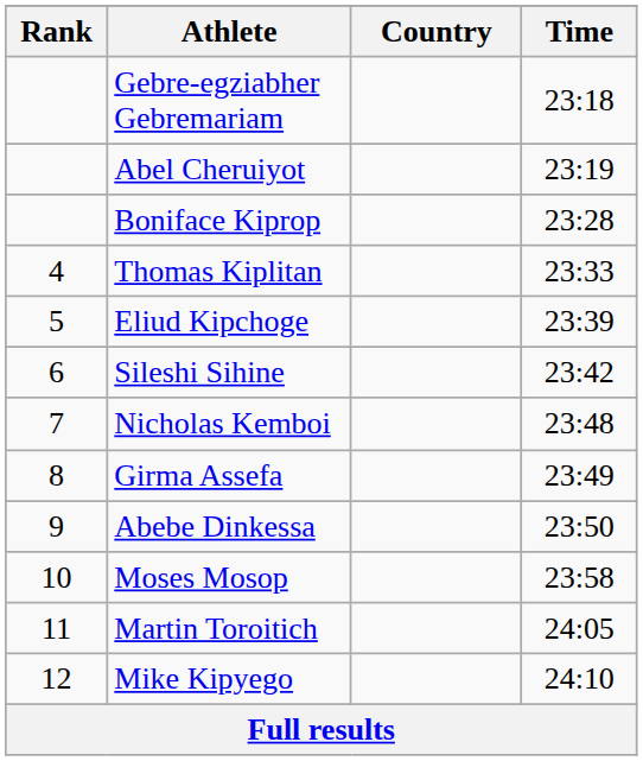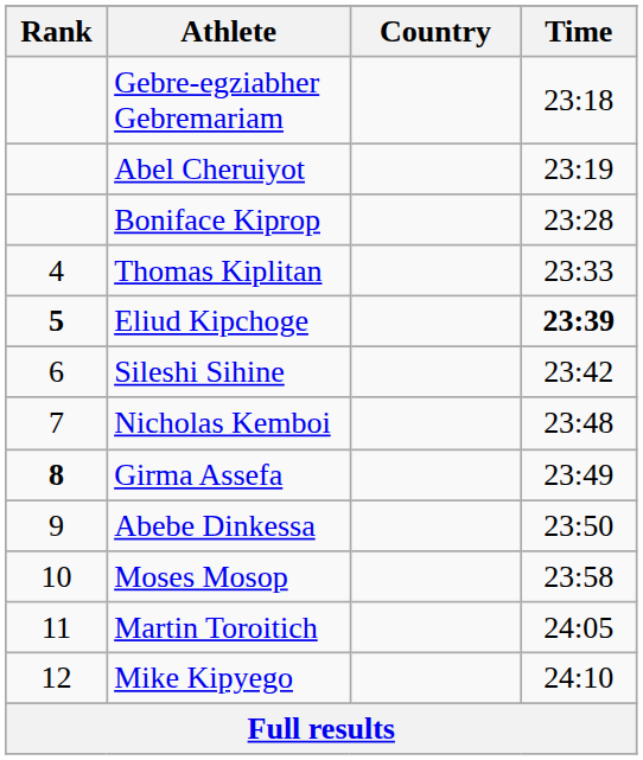 <table class="wikitable sortable" style=" text-align:center; font-size:95%;" width="50%">
 <tr>
 </tr>
 <tr>
 <th width=5%>Rank</th>
 <th width=20%>Athlete</th>
 <th width=15%>Country</th>
 <th width=10%>Time</th>
 </tr>
 <tr>
 <td align=center></td>
 <td align=left><a href='#'>Gebre-egziabher Gebremariam</a></td>
 <td align=left></td>
 <td>23:18</td>
 </tr>
 <tr>
 <td align=center></td>
 <td align=left><a href='#'>Abel Cheruiyot</a></td>
 <td align=left></td>
 <td>23:19</td>
 </tr>
 <tr>
 <td align=center></td>
 <td align=left><a href='#'>Boniface Kiprop</a></td>
 <td align=left></td>
 <td>23:28</td>
 </tr>
 <tr>
 <td align=center>4</td>
 <td align=left><a href='#'>Thomas Kiplitan</a></td>
 <td align=left></td>
 <td>23:33</td>
 </tr>
 <tr>
-<td align=center>5</td>
+<td align=center><strong>5</strong></td>
 <td align=left><a href='#'>Eliud Kipchoge</a></td>
 <td align=left></td>
-<td>23:39</td>
+<td><strong>23:39</strong></td>
 </tr>
 <tr>
 <td align=center>6</td>
 <td align=left><a href='#'>Sileshi Sihine</a></td>
 <td align=left></td>
 <td>23:42</td>
 </tr>
 <tr>
 <td align=center>7</td>
 <td align=left><a href='#'>Nicholas Kemboi</a></td>
 <td align=left></td>
 <td>23:48</td>
 </tr>
 <tr>
-<td align=center>8</td>
+<td align=center><strong>8</strong></td>
 <td align=left><a href='#'>Girma Assefa</a></td>
 <td align=left></td>
 <td>23:49</td>
 </tr>
 <tr>
 <td align=center>9</td>
 <td align=left><a href='#'>Abebe Dinkessa</a></td>
 <td align=left></td>
 <td>23:50</td>
 </tr>
 <tr>
 <td align=center>10</td>
 <td align=left><a href='#'>Moses Mosop</a></td>
 <td align=left></td>
 <td>23:58</td>
 </tr>
 <tr>
 <td align=center>11</td>
 <td align=left><a href='#'>Martin Toroitich</a></td>
 <td align=left></td>
 <td>24:05</td>
 </tr>
 <tr>
 <td align=center>12</td>
 <td align=left><a href='#'>Mike Kipyego</a></td>
 <td align=left></td>
 <td>24:10</td>
 </tr>
 <tr class="sortbottom">
 <th colspan=4 align=center><a href='#'>Full results</a></th>
 </tr>
 </table>
